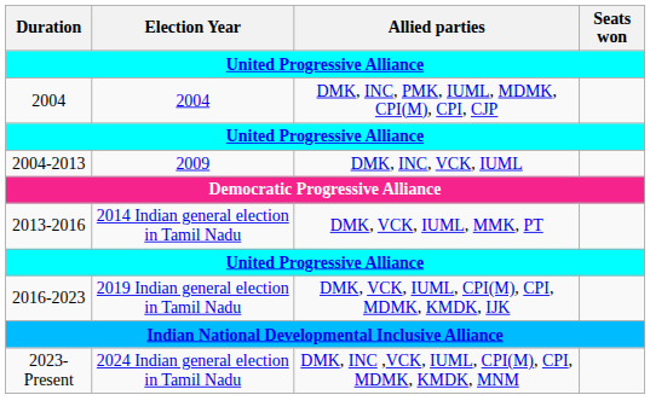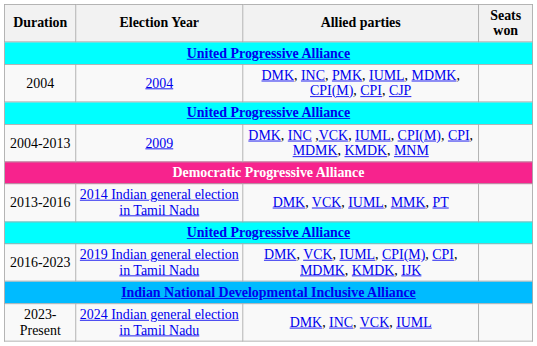 <table class="wikitable">
 <tr>
 <th>Duration</th>
 <th>Election Year</th>
 <th>Allied parties</th>
 <th>Seats won</th>
 </tr>
 <tr style="text-align:center;">
 <th colspan=4 style="text-align:center;vertical-align:middle;background-color:#00FFFF;"><a href='#'>United Progressive Alliance</a></th>
 </tr>
 <tr style="text-align:center;">
 <td>2004</td>
 <td><a href='#'>2004</a></td>
 <td><a href='#'>DMK</a>, <a href='#'>INC</a>, <a href='#'>PMK</a>, <a href='#'>IUML</a>, <a href='#'>MDMK</a>, <a href='#'>CPI(M)</a>, <a href='#'>CPI</a>, <a href='#'>CJP</a></td>
 <td></td>
 </tr>
 <tr style="text-align:center;">
 <th colspan=4 style="text-align:center;vertical-align:middle;background-color:#00FFFF;"><a href='#'>United Progressive Alliance</a></th>
 </tr>
 <tr style="text-align:center;">
 <td>2004-2013</td>
 <td><a href='#'>2009</a></td>
-<td><a href='#'>DMK</a>, <a href='#'>INC</a>, <a href='#'>VCK</a>, <a href='#'>IUML</a></td>
+<td><a href='#'>DMK</a>, <a href='#'>INC</a> ,<a href='#'>VCK</a>, <a href='#'>IUML</a>,  <a href='#'>CPI(M)</a>, <a href='#'>CPI</a>, <a href='#'>MDMK</a>, <a href='#'>KMDK</a>, <a href='#'>MNM</a></td>
 <td></td>
 </tr>
 <tr style="text-align:center;">
 <th colspan=4 style="text-align:center;vertical-align:middle;background-color:#f7238d;color:white;">Democratic Progressive Alliance</th>
 </tr>
 <tr style="text-align:center;">
 <td>2013-2016</td>
 <td><a href='#'>2014 Indian general election in Tamil Nadu</a></td>
 <td><a href='#'>DMK</a>, <a href='#'>VCK</a>, <a href='#'>IUML</a>,  <a href='#'>MMK</a>, <a href='#'>PT</a></td>
 <td></td>
 </tr>
 <tr style="text-align:center;">
 <th colspan=4 style="text-align:center;vertical-align:middle;background-color:#00FFFF;"><a href='#'>United Progressive Alliance</a></th>
 </tr>
 <tr style="text-align:center;">
 <td>2016-2023</td>
 <td><a href='#'>2019 Indian general election in Tamil Nadu</a></td>
 <td><a href='#'>DMK</a>, <a href='#'>VCK</a>, <a href='#'>IUML</a>,  <a href='#'>CPI(M)</a>, <a href='#'>CPI</a>, <a href='#'>MDMK</a>, <a href='#'>KMDK</a>, <a href='#'>IJK</a></td>
 <td></td>
 </tr>
 <tr style="text-align:center;">
 <th colspan=4 style="text-align:center;vertical-align:middle;background-color:#00BBFF;"><a href='#'>Indian National Developmental Inclusive Alliance</a></th>
 </tr>
 <tr style="text-align:center;">
 <td>2023-Present</td>
 <td><a href='#'>2024 Indian general election in Tamil Nadu</a></td>
-<td><a href='#'>DMK</a>, <a href='#'>INC</a> ,<a href='#'>VCK</a>, <a href='#'>IUML</a>,  <a href='#'>CPI(M)</a>, <a href='#'>CPI</a>, <a href='#'>MDMK</a>, <a href='#'>KMDK</a>, <a href='#'>MNM</a></td>
+<td><a href='#'>DMK</a>, <a href='#'>INC</a>, <a href='#'>VCK</a>, <a href='#'>IUML</a></td>
 <td></td>
 </tr>
 </table>
